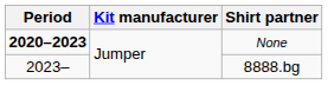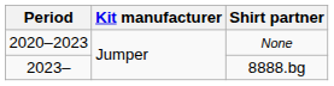 <table class="wikitable" style="text-align: center">
 <tr>
 <th>Period</th>
 <th><a href='#'>Kit</a> manufacturer</th>
 <th>Shirt partner</th>
 </tr>
 <tr>
-<td><strong>2020–2023</strong></td>
+<td>2020–2023</td>
 <td align="Left" rowspan=2> Jumper</td>
 <td><small><em>None</em></small></td>
 </tr>
 <tr>
 <td>2023–</td>
 <td align="Center" rowspan=1>8888.bg</td>
 </tr>
 </table>
